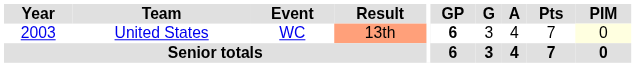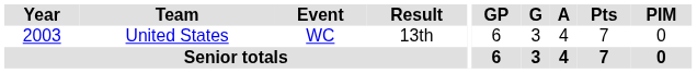 <table border="0" cellpadding="1" cellspacing="0" ID="Table3" style="text-align:center; width:40em">
 <tr ALIGN="center" bgcolor="#e0e0e0">
 <th>Year</th>
 <th>Team</th>
 <th>Event</th>
 <th>Result</th>
 <th rowspan="99" bgcolor="#ffffff"></th>
 <th>GP</th>
 <th>G</th>
 <th>A</th>
 <th>Pts</th>
 <th>PIM</th>
 </tr>
 <tr>
 <td><a href='#'>2003</a></td>
 <td><a href='#'>United States</a></td>
 <td><a href='#'>WC</a></td>
-<td style="background: lightsalmon;">13th</td>
-<td><strong>6</strong></td>
+<td>13th</td>
+<td>6</td>
 <td>3</td>
 <td>4</td>
 <td>7</td>
-<td style="background: lightyellow;">0</td>
+<td>0</td>
 </tr>
 <tr bgcolor="#e0e0e0">
 <th colspan="4">Senior totals</th>
 <th>6</th>
 <th>3</th>
 <th>4</th>
 <th>7</th>
 <th>0</th>
 </tr>
 </table>
